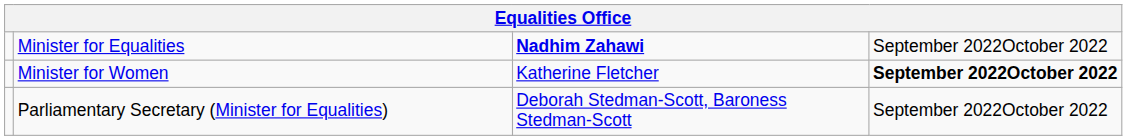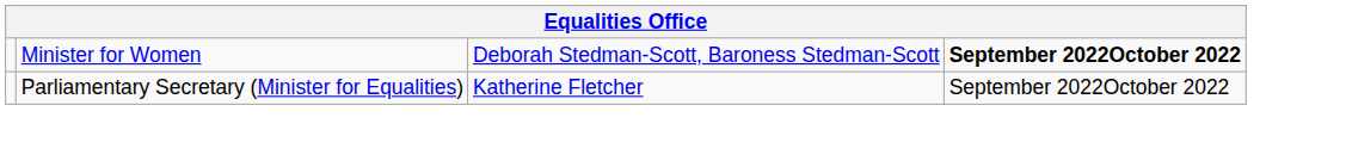 <table class="wikitable">
 <tr>
 <th colspan="4"><a href='#'>Equalities Office</a></th>
 </tr>
 <tr>
 <td style="width: 1px; background: "></td>
-<td style="width: 450px;"><a href='#'>Minister for Equalities</a></td>
-<td style="width: 320px;"><strong><a href='#'>Nadhim Zahawi</a></strong></td>
-<td>September 2022October 2022</td>
-</tr>
-<tr>
-<td style="width: 1px; background: "></td>
 <td rowspan="1"><a href='#'>Minister for Women</a></td>
-<td><a href='#'>Katherine Fletcher</a> </td>
+<td><a href='#'>Deborah Stedman-Scott, Baroness Stedman-Scott</a> </td>
 <td><strong>September 2022October 2022</strong></td>
 </tr>
 <tr>
 <td style="width: 1px; background: "></td>
 <td rowspan="1">Parliamentary Secretary (<a href='#'>Minister for Equalities</a>)</td>
-<td><a href='#'>Deborah Stedman-Scott, Baroness Stedman-Scott</a> </td>
+<td><a href='#'>Katherine Fletcher</a> </td>
 <td>September 2022October 2022</td>
 </tr>
 </table>
